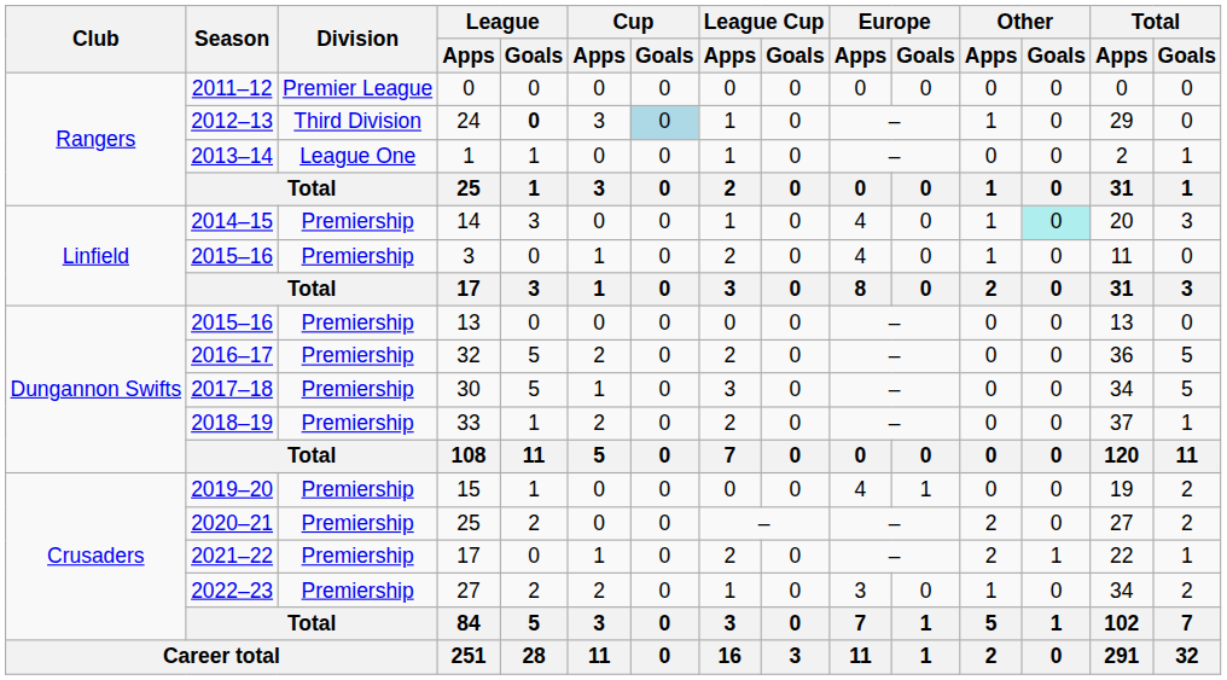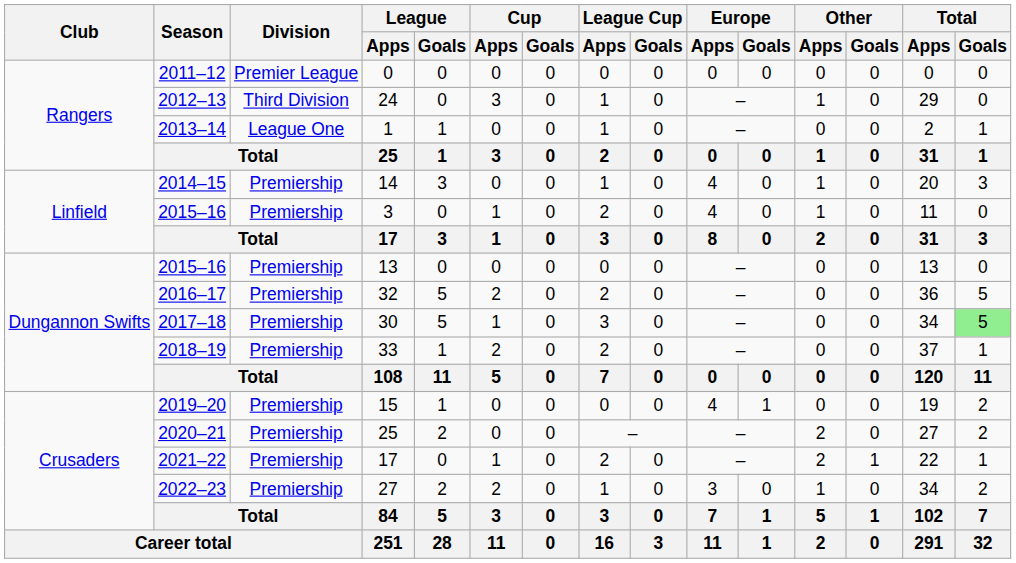 <table class="wikitable" style="text-align: center">
 <tr>
 <th rowspan="2">Club</th>
 <th rowspan="2">Season</th>
 <th rowspan="2">Division</th>
 <th colspan="2">League</th>
 <th colspan="2">Cup</th>
 <th colspan="2">League Cup</th>
 <th colspan="2">Europe</th>
 <th colspan="2">Other</th>
 <th colspan="2">Total</th>
 </tr>
 <tr>
 <th>Apps</th>
 <th>Goals</th>
 <th>Apps</th>
 <th>Goals</th>
 <th>Apps</th>
 <th>Goals</th>
 <th>Apps</th>
 <th>Goals</th>
 <th>Apps</th>
 <th>Goals</th>
 <th>Apps</th>
 <th>Goals</th>
 </tr>
 <tr>
 <td rowspan="4"><a href='#'>Rangers</a></td>
 <td><a href='#'>2011–12</a></td>
 <td><a href='#'>Premier League</a></td>
 <td>0</td>
 <td>0</td>
 <td>0</td>
 <td>0</td>
 <td>0</td>
 <td>0</td>
 <td>0</td>
 <td>0</td>
 <td>0</td>
 <td>0</td>
 <td>0</td>
 <td>0</td>
 </tr>
 <tr>
 <td><a href='#'>2012–13</a></td>
 <td><a href='#'>Third Division</a></td>
 <td>24</td>
-<td><strong>0</strong></td>
+<td>0</td>
 <td>3</td>
-<td style="background: lightblue;">0</td>
+<td>0</td>
 <td>1</td>
 <td>0</td>
 <td colspan="2">–</td>
 <td>1</td>
 <td>0</td>
 <td>29</td>
 <td>0</td>
 </tr>
 <tr>
 <td><a href='#'>2013–14</a></td>
 <td><a href='#'>League One</a></td>
 <td>1</td>
 <td>1</td>
 <td>0</td>
 <td>0</td>
 <td>1</td>
 <td>0</td>
 <td colspan="2">–</td>
 <td>0</td>
 <td>0</td>
 <td>2</td>
 <td>1</td>
 </tr>
 <tr>
 <th colspan="2">Total</th>
 <th>25</th>
 <th>1</th>
 <th>3</th>
 <th>0</th>
 <th>2</th>
 <th>0</th>
 <th>0</th>
 <th>0</th>
 <th>1</th>
 <th>0</th>
 <th>31</th>
 <th>1</th>
 </tr>
 <tr>
 <td rowspan="3"><a href='#'>Linfield</a></td>
 <td><a href='#'>2014–15</a></td>
 <td><a href='#'>Premiership</a></td>
 <td>14</td>
 <td>3</td>
 <td>0</td>
 <td>0</td>
 <td>1</td>
 <td>0</td>
 <td>4</td>
 <td>0</td>
 <td>1</td>
-<td style="background: paleturquoise;">0</td>
+<td>0</td>
 <td>20</td>
 <td>3</td>
 </tr>
 <tr>
 <td><a href='#'>2015–16</a></td>
 <td><a href='#'>Premiership</a></td>
 <td>3</td>
 <td>0</td>
 <td>1</td>
 <td>0</td>
 <td>2</td>
 <td>0</td>
 <td>4</td>
 <td>0</td>
 <td>1</td>
 <td>0</td>
 <td>11</td>
 <td>0</td>
 </tr>
 <tr>
 <th colspan="2">Total</th>
 <th>17</th>
 <th>3</th>
 <th>1</th>
 <th>0</th>
 <th>3</th>
 <th>0</th>
 <th>8</th>
 <th>0</th>
 <th>2</th>
 <th>0</th>
 <th>31</th>
 <th>3</th>
 </tr>
 <tr>
 <td rowspan="5"><a href='#'>Dungannon Swifts</a></td>
 <td><a href='#'>2015–16</a></td>
 <td><a href='#'>Premiership</a></td>
 <td>13</td>
 <td>0</td>
 <td>0</td>
 <td>0</td>
 <td>0</td>
 <td>0</td>
 <td colspan="2">–</td>
 <td>0</td>
 <td>0</td>
 <td>13</td>
 <td>0</td>
 </tr>
 <tr>
 <td><a href='#'>2016–17</a></td>
 <td><a href='#'>Premiership</a></td>
 <td>32</td>
 <td>5</td>
 <td>2</td>
 <td>0</td>
 <td>2</td>
 <td>0</td>
 <td colspan="2">–</td>
 <td>0</td>
 <td>0</td>
 <td>36</td>
 <td>5</td>
 </tr>
 <tr>
 <td><a href='#'>2017–18</a></td>
 <td><a href='#'>Premiership</a></td>
 <td>30</td>
 <td>5</td>
 <td>1</td>
 <td>0</td>
 <td>3</td>
 <td>0</td>
 <td colspan="2">–</td>
 <td>0</td>
 <td>0</td>
 <td>34</td>
-<td>5</td>
+<td style="background: lightgreen;">5</td>
 </tr>
 <tr>
 <td><a href='#'>2018–19</a></td>
 <td><a href='#'>Premiership</a></td>
 <td>33</td>
 <td>1</td>
 <td>2</td>
 <td>0</td>
 <td>2</td>
 <td>0</td>
 <td colspan="2">–</td>
 <td>0</td>
 <td>0</td>
 <td>37</td>
 <td>1</td>
 </tr>
 <tr>
 <th colspan="2">Total</th>
 <th>108</th>
 <th>11</th>
 <th>5</th>
 <th>0</th>
 <th>7</th>
 <th>0</th>
 <th>0</th>
 <th>0</th>
 <th>0</th>
 <th>0</th>
 <th>120</th>
 <th>11</th>
 </tr>
 <tr>
 <td rowspan="5"><a href='#'>Crusaders</a></td>
 <td><a href='#'>2019–20</a></td>
 <td><a href='#'>Premiership</a></td>
 <td>15</td>
 <td>1</td>
 <td>0</td>
 <td>0</td>
 <td>0</td>
 <td>0</td>
 <td>4</td>
 <td>1</td>
 <td>0</td>
 <td>0</td>
 <td>19</td>
 <td>2</td>
 </tr>
 <tr>
 <td><a href='#'>2020–21</a></td>
 <td><a href='#'>Premiership</a></td>
 <td>25</td>
 <td>2</td>
 <td>0</td>
 <td>0</td>
 <td colspan="2">–</td>
 <td colspan="2">–</td>
 <td>2</td>
 <td>0</td>
 <td>27</td>
 <td>2</td>
 </tr>
 <tr>
 <td><a href='#'>2021–22</a></td>
 <td><a href='#'>Premiership</a></td>
 <td>17</td>
 <td>0</td>
 <td>1</td>
 <td>0</td>
 <td>2</td>
 <td>0</td>
 <td colspan="2">–</td>
 <td>2</td>
 <td>1</td>
 <td>22</td>
 <td>1</td>
 </tr>
 <tr>
 <td><a href='#'>2022–23</a></td>
 <td><a href='#'>Premiership</a></td>
 <td>27</td>
 <td>2</td>
 <td>2</td>
 <td>0</td>
 <td>1</td>
 <td>0</td>
 <td>3</td>
 <td>0</td>
 <td>1</td>
 <td>0</td>
 <td>34</td>
 <td>2</td>
 </tr>
 <tr>
 <th colspan="2">Total</th>
 <th>84</th>
 <th>5</th>
 <th>3</th>
 <th>0</th>
 <th>3</th>
 <th>0</th>
 <th>7</th>
 <th>1</th>
 <th>5</th>
 <th>1</th>
 <th>102</th>
 <th>7</th>
 </tr>
 <tr>
 <th colspan="3">Career total</th>
 <th>251</th>
 <th>28</th>
 <th>11</th>
 <th>0</th>
 <th>16</th>
 <th>3</th>
 <th>11</th>
 <th>1</th>
 <th>2</th>
 <th>0</th>
 <th>291</th>
 <th>32</th>
 </tr>
 </table>
